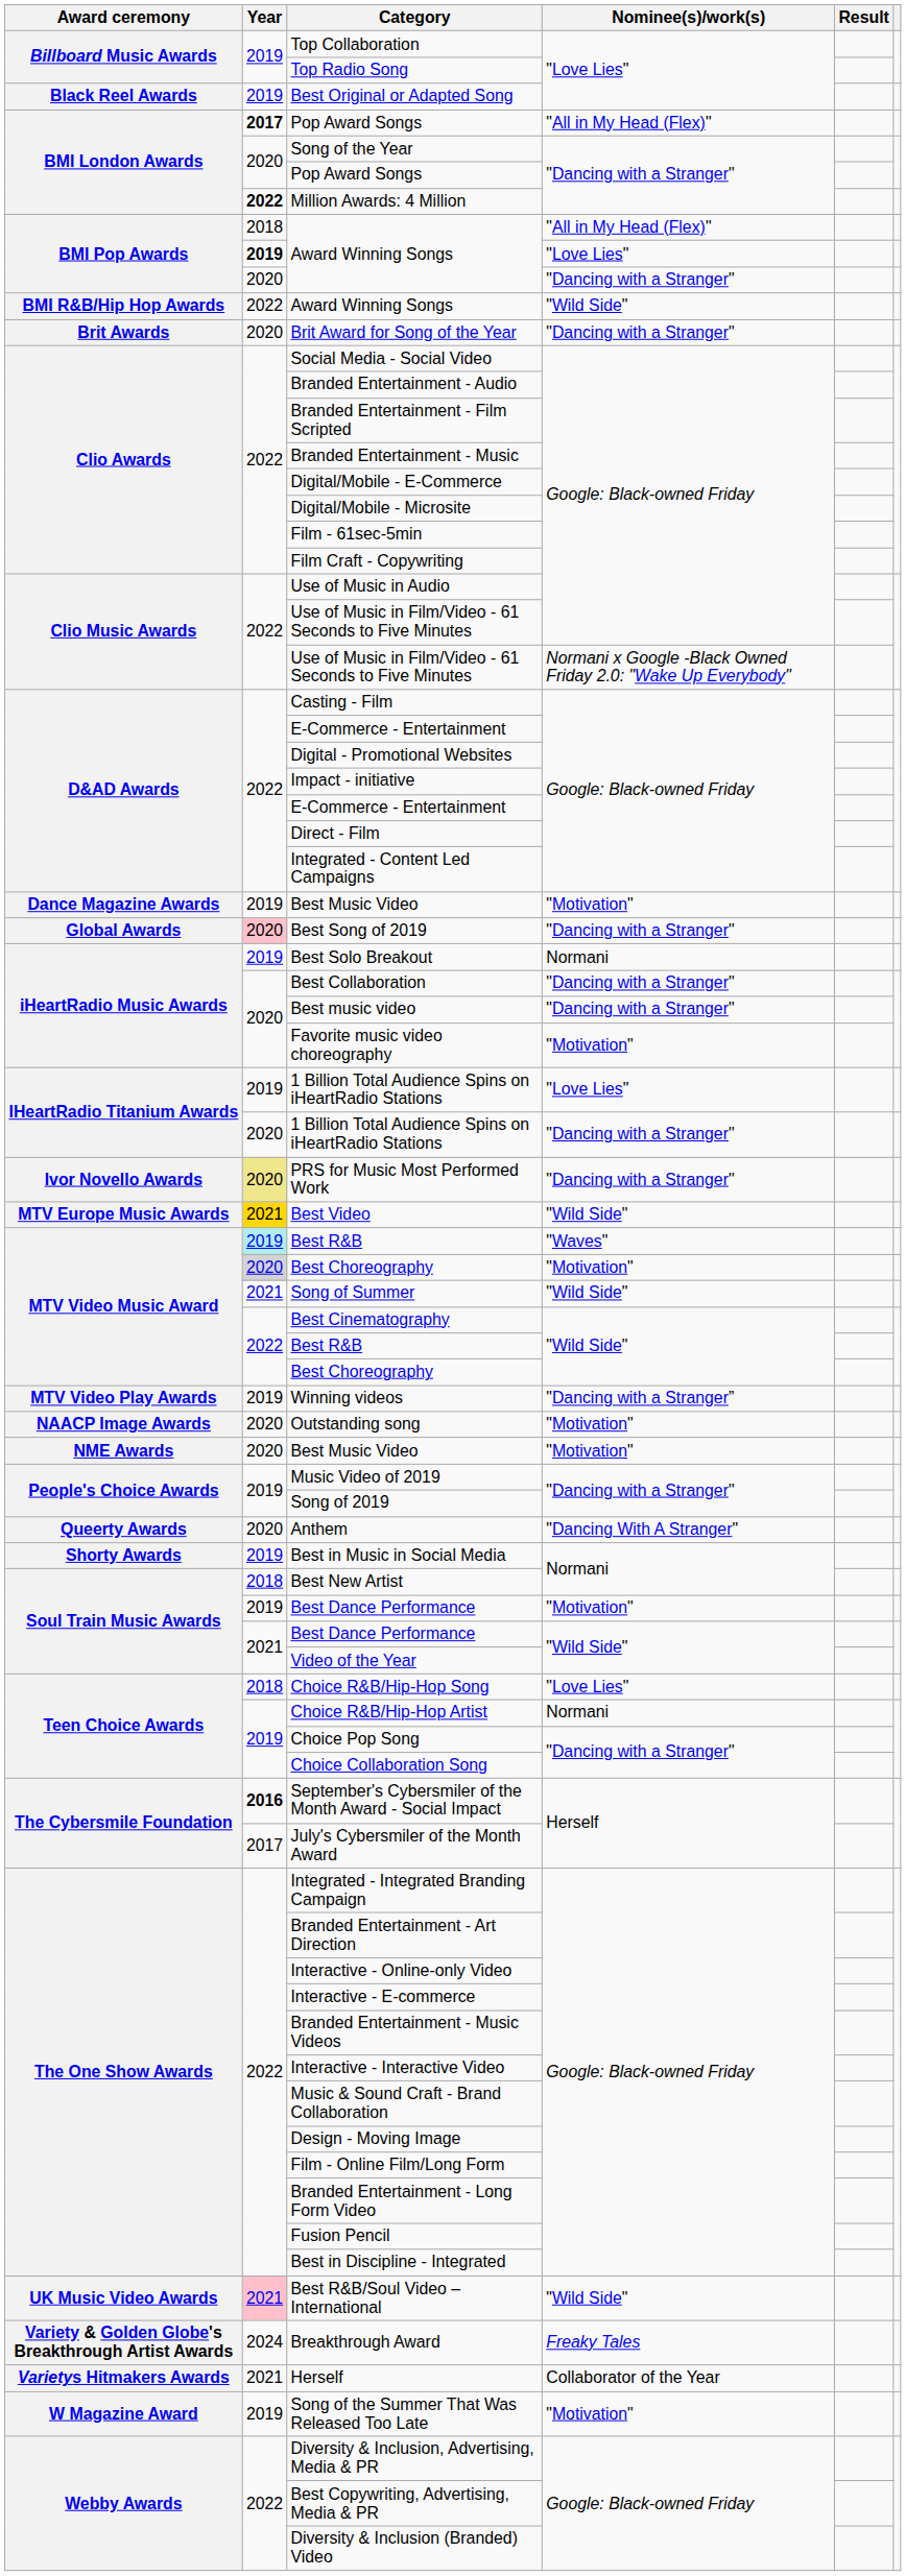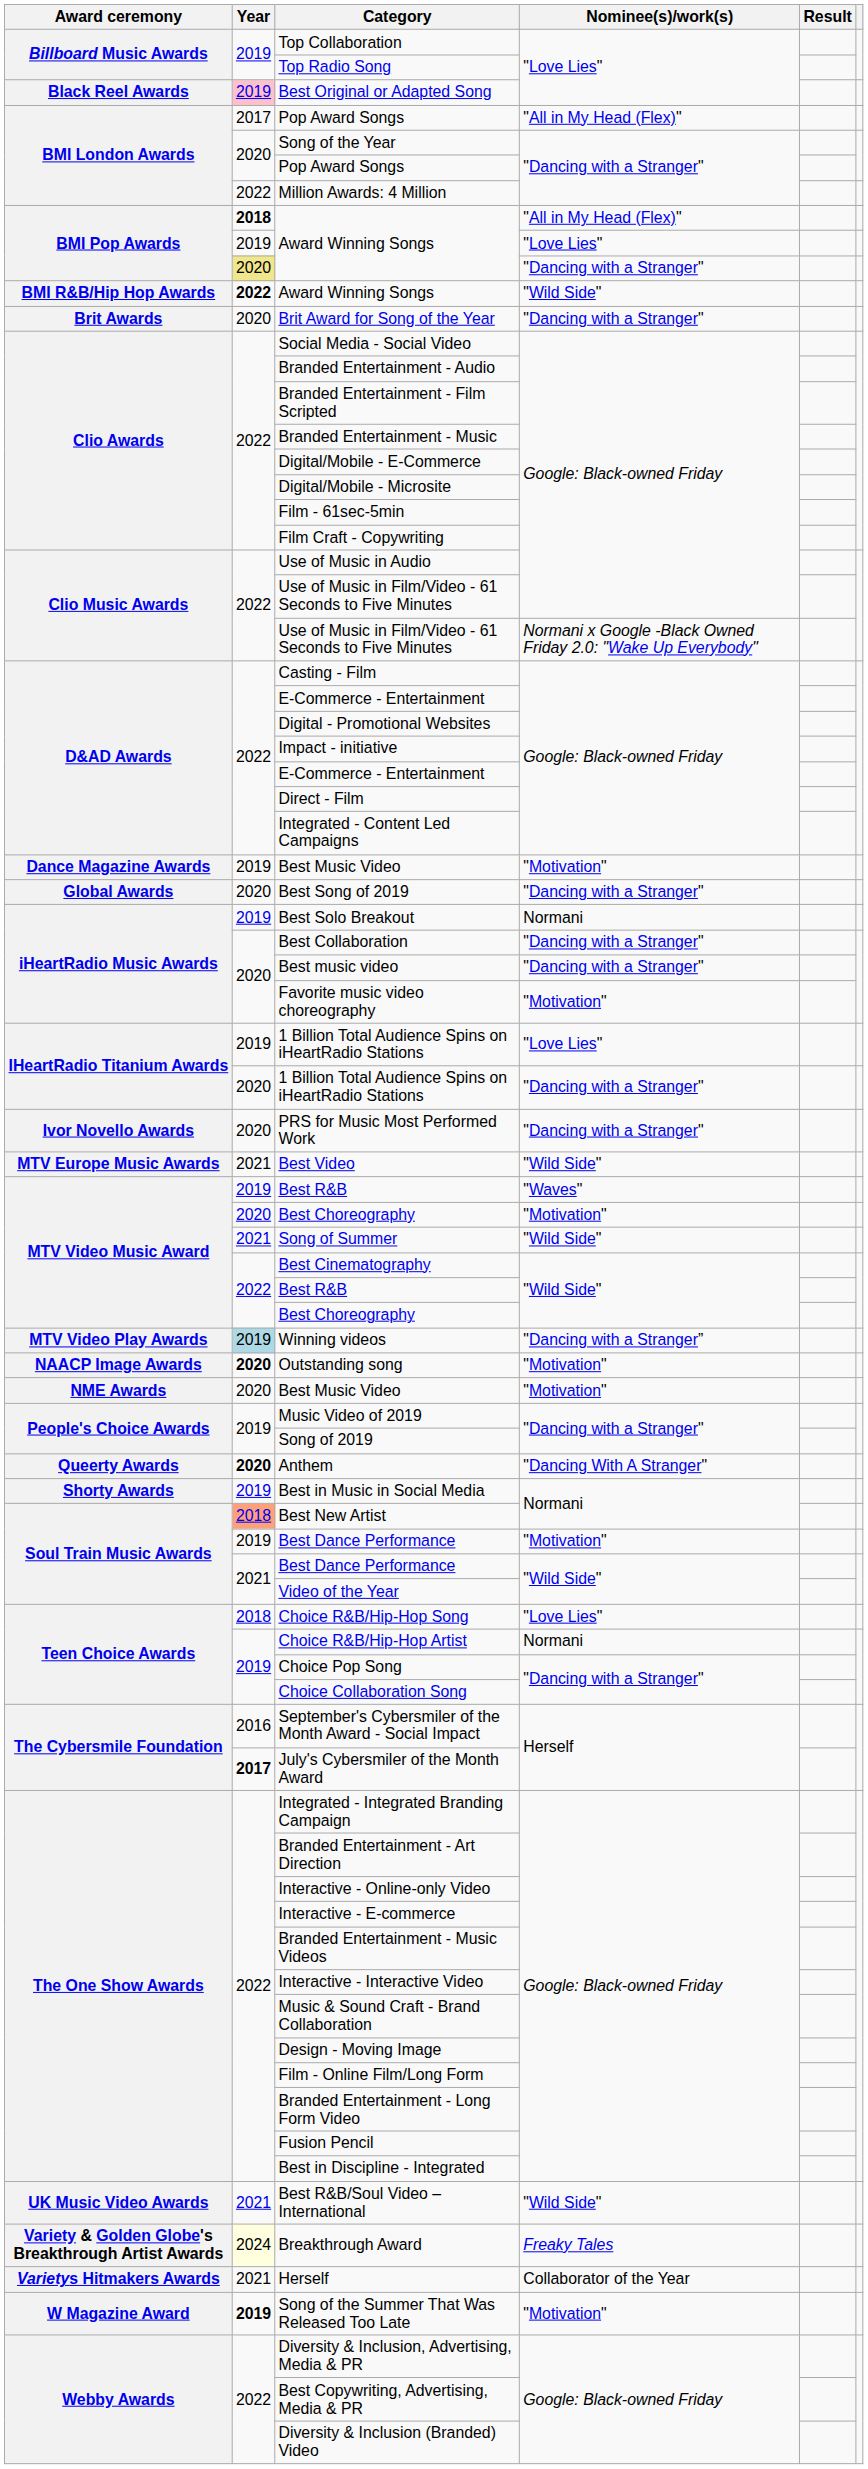 <table class="wikitable sortable plainrowheaders">
 <tr style="background:#ccc; text-align:center;">
 <th scope="col">Award ceremony</th>
 <th scope="col">Year</th>
 <th scope="col">Category</th>
 <th scope="col">Nominee(s)/work(s)</th>
 <th scope="col">Result</th>
 <th scope="col" class="unsortable"></th>
 </tr>
 <tr>
 <th scope="row" rowspan="2"><a href='#'><em>Billboard</em> Music Awards</a></th>
 <td rowspan="2"><a href='#'>2019</a></td>
 <td>Top Collaboration</td>
 <td rowspan="3">"<a href='#'>Love Lies</a>"</td>
 <td></td>
 <td style="text-align:center;" rowspan="2"></td>
 </tr>
 <tr>
 <td><a href='#'>Top Radio Song</a></td>
 <td></td>
 </tr>
 <tr>
 <th scope="row"><a href='#'>Black Reel Awards</a></th>
-<td><a href='#'>2019</a></td>
+<td style="background: pink;"><a href='#'>2019</a></td>
 <td><a href='#'>Best Original or Adapted Song</a></td>
 <td></td>
 <td style="text-align:center;"></td>
 </tr>
 <tr>
 <th scope="row" rowspan="4"><a href='#'>BMI London Awards</a></th>
-<td><strong>2017</strong></td>
+<td>2017</td>
 <td>Pop Award Songs</td>
 <td>"<a href='#'>All in My Head (Flex)</a>"</td>
 <td></td>
 <td></td>
 </tr>
 <tr>
 <td rowspan=2>2020</td>
 <td>Song of the Year</td>
 <td rowspan=3>"<a href='#'>Dancing with a Stranger</a>"</td>
 <td></td>
 <td style="text-align:center; "rowspan="2"></td>
 </tr>
 <tr>
 <td>Pop Award Songs</td>
 <td></td>
 </tr>
 <tr>
-<td><strong>2022</strong></td>
+<td>2022</td>
 <td>Million Awards: 4 Million</td>
 <td></td>
 <td style="text-align:center;"></td>
 </tr>
 <tr>
 <th scope="row" rowspan="3"><a href='#'>BMI Pop Awards</a></th>
-<td>2018</td>
+<td><strong>2018</strong></td>
 <td rowspan="3">Award Winning Songs</td>
 <td>"<a href='#'>All in My Head (Flex)</a>"</td>
 <td></td>
 <td style="text-align:center;"></td>
 </tr>
 <tr>
-<td><strong>2019</strong></td>
+<td>2019</td>
 <td>"<a href='#'>Love Lies</a>"</td>
 <td></td>
 <td style="text-align:center;"></td>
 </tr>
 <tr>
-<td>2020</td>
+<td style="background: khaki;">2020</td>
 <td>"<a href='#'>Dancing with a Stranger</a>"</td>
 <td></td>
 <td style="text-align:center;"></td>
 </tr>
 <tr>
 <th scope="row"><a href='#'>BMI R&B/Hip Hop Awards</a></th>
-<td>2022</td>
+<td><strong>2022</strong></td>
 <td>Award Winning Songs</td>
 <td>"<a href='#'>Wild Side</a>"</td>
 <td></td>
 <td style="text-align:center;"></td>
 </tr>
 <tr>
 <th scope="row"><a href='#'>Brit Awards</a></th>
 <td>2020</td>
 <td><a href='#'>Brit Award for Song of the Year</a></td>
 <td>"<a href='#'>Dancing with a Stranger</a>"</td>
 <td></td>
 <td style="text-align:center;"></td>
 </tr>
 <tr>
 <th scope="row" rowspan="8"><a href='#'>Clio Awards</a></th>
 <td rowspan="8">2022</td>
 <td>Social Media - Social Video </td>
 <td rowspan="10"><em>Google: Black-owned Friday</em></td>
 <td></td>
 <td rowspan="8" style="text-align:center;"></td>
 </tr>
 <tr>
 <td>Branded Entertainment - Audio</td>
 <td></td>
 </tr>
 <tr>
 <td>Branded Entertainment - Film Scripted</td>
 <td></td>
 </tr>
 <tr>
 <td>Branded Entertainment - Music</td>
 <td></td>
 </tr>
 <tr>
 <td>Digital/Mobile - E-Commerce</td>
 <td></td>
 </tr>
 <tr>
 <td>Digital/Mobile - Microsite</td>
 <td></td>
 </tr>
 <tr>
 <td>Film - 61sec-5min</td>
 <td></td>
 </tr>
 <tr>
 <td>Film Craft - Copywriting</td>
 <td></td>
 </tr>
 <tr>
 <th scope="row" rowspan="3"><a href='#'>Clio Music Awards</a></th>
 <td rowspan="3">2022</td>
 <td>Use of Music in Audio</td>
 <td></td>
 <td style="text-align:center;" rowspan="3"></td>
 </tr>
 <tr>
 <td>Use of Music in Film/Video - 61 Seconds to Five Minutes</td>
 <td></td>
 </tr>
 <tr>
 <td>Use of Music in Film/Video - 61 Seconds to Five Minutes</td>
 <td><em>Normani x Google -Black Owned Friday 2.0: "<a href='#'>Wake Up Everybody</a>"</em></td>
 <td></td>
 </tr>
 <tr>
 <th scope="row" rowspan="7"><a href='#'>D&AD Awards</a></th>
 <td rowspan="7">2022</td>
 <td>Casting - Film</td>
 <td rowspan="7"><em>Google: Black-owned Friday</em></td>
 <td></td>
 <td rowspan="7" style="text-align:center;"></td>
 </tr>
 <tr>
 <td>E-Commerce - Entertainment</td>
 <td></td>
 </tr>
 <tr>
 <td>Digital - Promotional Websites</td>
 <td></td>
 </tr>
 <tr>
 <td>Impact - initiative</td>
 <td></td>
 </tr>
 <tr>
 <td>E-Commerce - Entertainment</td>
 <td></td>
 </tr>
 <tr>
 <td>Direct - Film</td>
 <td></td>
 </tr>
 <tr>
 <td>Integrated - Content Led Campaigns</td>
 <td></td>
 </tr>
 <tr>
 <th scope="row"><a href='#'>Dance Magazine Awards</a></th>
 <td>2019</td>
 <td>Best Music Video</td>
 <td>"<a href='#'>Motivation</a>"</td>
 <td></td>
 <td style="text-align:center;"></td>
 </tr>
 <tr>
 <th scope="row"><a href='#'>Global Awards</a></th>
-<td style="background: pink;">2020</td>
+<td>2020</td>
 <td>Best Song of 2019</td>
 <td>"<a href='#'>Dancing with a Stranger</a>"</td>
 <td></td>
 <td style="text-align:center;"></td>
 </tr>
 <tr>
 <th scope="row" rowspan="4"><a href='#'>iHeartRadio Music Awards</a></th>
 <td><a href='#'>2019</a></td>
 <td>Best Solo Breakout</td>
 <td>Normani</td>
 <td></td>
 <td style="text-align:center;"></td>
 </tr>
 <tr>
 <td rowspan="3">2020</td>
 <td>Best Collaboration</td>
 <td>"<a href='#'>Dancing with a Stranger</a>"</td>
 <td></td>
 <td style="text-align:center; "rowspan="3"></td>
 </tr>
 <tr>
 <td>Best music video</td>
 <td>"<a href='#'>Dancing with a Stranger</a>"</td>
 <td></td>
 </tr>
 <tr>
 <td>Favorite music video choreography</td>
 <td>"<a href='#'>Motivation</a>"</td>
 <td></td>
 </tr>
 <tr>
 <th scope="row" rowspan="2"><a href='#'>IHeartRadio Titanium Awards</a></th>
 <td>2019</td>
 <td>1 Billion Total Audience Spins on iHeartRadio Stations</td>
 <td>"<a href='#'>Love Lies</a>"</td>
 <td></td>
 <td style="text-align:center;"></td>
 </tr>
 <tr>
 <td>2020</td>
 <td>1 Billion Total Audience Spins on iHeartRadio Stations</td>
 <td>"<a href='#'>Dancing with a Stranger</a>"</td>
 <td></td>
 <td style="text-align:center;"></td>
 </tr>
 <tr>
 <th scope="row"><a href='#'>Ivor Novello Awards</a></th>
-<td style="background: khaki;">2020</td>
+<td>2020</td>
 <td>PRS for Music Most Performed Work</td>
 <td>"<a href='#'>Dancing with a Stranger</a>"</td>
 <td></td>
 <td style="text-align:center;"></td>
 </tr>
 <tr>
 <th scope="row"><a href='#'>MTV Europe Music Awards</a></th>
-<td style="background: gold;">2021</td>
+<td>2021</td>
 <td><a href='#'>Best Video</a></td>
 <td>"<a href='#'>Wild Side</a>"</td>
 <td></td>
 <td style="text-align:center;"></td>
 </tr>
 <tr>
 <th scope="row" rowspan="6"><a href='#'>MTV Video Music Award</a></th>
-<td style="background: paleturquoise;"><a href='#'>2019</a></td>
+<td><a href='#'>2019</a></td>
 <td><a href='#'>Best R&B</a></td>
 <td>"<a href='#'>Waves</a>"</td>
 <td></td>
 <td style="text-align:center;"></td>
 </tr>
 <tr>
-<td style="background: lightgrey;"><a href='#'>2020</a></td>
+<td><a href='#'>2020</a></td>
 <td><a href='#'>Best Choreography</a></td>
 <td>"<a href='#'>Motivation</a>"</td>
 <td></td>
 <td style="text-align:center;"></td>
 </tr>
 <tr>
 <td><a href='#'>2021</a></td>
 <td><a href='#'>Song of Summer</a></td>
 <td>"<a href='#'>Wild Side</a>"</td>
 <td></td>
 <td style="text-align:center;"></td>
 </tr>
 <tr>
 <td rowspan="3"><a href='#'>2022</a></td>
 <td><a href='#'>Best Cinematography</a></td>
 <td rowspan="3">"<a href='#'>Wild Side</a>"</td>
 <td></td>
 <td rowspan="3" style="text-align:center;"></td>
 </tr>
 <tr>
 <td><a href='#'>Best R&B</a></td>
 <td></td>
 </tr>
 <tr>
 <td><a href='#'>Best Choreography</a></td>
 <td></td>
 </tr>
 <tr>
 <th scope="row"><a href='#'>MTV Video Play Awards</a></th>
-<td>2019</td>
+<td style="background: lightblue;">2019</td>
 <td>Winning videos</td>
 <td>"<a href='#'>Dancing with a Stranger</a>”</td>
 <td></td>
 <td style="text-align:center;"></td>
 </tr>
 <tr>
 <th scope="row"><a href='#'>NAACP Image Awards</a></th>
-<td>2020</td>
+<td><strong>2020</strong></td>
 <td>Outstanding song</td>
 <td>"<a href='#'>Motivation</a>"</td>
 <td></td>
 <td style="text-align:center;"></td>
 </tr>
 <tr>
 <th scope="row"><a href='#'>NME Awards</a></th>
 <td>2020</td>
 <td>Best Music Video</td>
 <td>"<a href='#'>Motivation</a>"</td>
 <td></td>
 <td style="text-align:center;"></td>
 </tr>
 <tr>
 <th scope="row" rowspan="2"><a href='#'>People's Choice Awards</a></th>
 <td rowspan="2">2019</td>
 <td>Music Video of 2019</td>
 <td rowspan="2">"<a href='#'>Dancing with a Stranger</a>"</td>
 <td></td>
 <td style="text-align:center;" rowspan="2"></td>
 </tr>
 <tr>
 <td>Song of 2019</td>
 <td></td>
 </tr>
 <tr>
 <th scope="row"><a href='#'>Queerty Awards</a></th>
-<td>2020</td>
+<td><strong>2020</strong></td>
 <td>Anthem</td>
 <td>"<a href='#'>Dancing With A Stranger</a>"</td>
 <td></td>
 <td style="text-align:center;"></td>
 </tr>
 <tr>
 <th scope="row"><a href='#'>Shorty Awards</a></th>
 <td><a href='#'>2019</a></td>
 <td>Best in Music in Social Media</td>
 <td rowspan="2">Normani</td>
 <td></td>
 <td style="text-align:center;"></td>
 </tr>
 <tr>
 <th scope="row" rowspan=4><a href='#'>Soul Train Music Awards</a></th>
-<td><a href='#'>2018</a></td>
+<td style="background: lightsalmon;"><a href='#'>2018</a></td>
 <td>Best New Artist</td>
 <td></td>
 <td style="text-align:center;"></td>
 </tr>
 <tr>
 <td>2019</td>
 <td><a href='#'>Best Dance Performance</a></td>
 <td>"<a href='#'>Motivation</a>"</td>
 <td></td>
 <td style="text-align:center;"></td>
 </tr>
 <tr>
 <td rowspan="2">2021</td>
 <td><a href='#'>Best Dance Performance</a></td>
 <td rowspan="2">"<a href='#'>Wild Side</a>"</td>
 <td></td>
 <td style="text-align:center;" rowspan="2"></td>
 </tr>
 <tr>
 <td><a href='#'>Video of the Year</a></td>
 <td></td>
 </tr>
 <tr>
 <th scope="row" rowspan="4"><a href='#'>Teen Choice Awards</a></th>
 <td><a href='#'>2018</a></td>
 <td><a href='#'>Choice R&B/Hip-Hop Song</a></td>
 <td>"<a href='#'>Love Lies</a>"</td>
 <td></td>
 <td style="text-align:center;"></td>
 </tr>
 <tr>
 <td rowspan="3"><a href='#'>2019</a></td>
 <td><a href='#'>Choice R&B/Hip-Hop Artist</a></td>
 <td>Normani</td>
 <td></td>
 <td style="text-align:center; "rowspan="3"></td>
 </tr>
 <tr>
 <td>Choice Pop Song</td>
 <td rowspan="2">"<a href='#'>Dancing with a Stranger</a>"</td>
 <td></td>
 </tr>
 <tr>
 <td><a href='#'>Choice Collaboration Song</a></td>
 <td></td>
 </tr>
 <tr>
 <th scope="row" rowspan="2"><a href='#'>The Cybersmile Foundation</a></th>
-<td><strong>2016</strong></td>
+<td>2016</td>
 <td>September's Cybersmiler of the Month Award - Social Impact</td>
 <td rowspan="2">Herself</td>
 <td></td>
 <td style="text-align:center;" rowspan="2"></td>
 </tr>
 <tr>
-<td>2017</td>
+<td><strong>2017</strong></td>
 <td>July's Cybersmiler of the Month Award</td>
 <td></td>
 </tr>
 <tr>
 <th scope="row" rowspan="12"><a href='#'>The One Show Awards</a></th>
 <td rowspan="12">2022</td>
 <td>Integrated - Integrated Branding Campaign</td>
 <td rowspan="12"><em>Google: Black-owned Friday</em></td>
 <td></td>
 <td style="text-align:center;" rowspan="12"></td>
 </tr>
 <tr>
 <td>Branded Entertainment - Art Direction</td>
 <td></td>
 </tr>
 <tr>
 <td>Interactive - Online-only Video</td>
 <td></td>
 </tr>
 <tr>
 <td>Interactive - E-commerce</td>
 <td></td>
 </tr>
 <tr>
 <td>Branded Entertainment - Music Videos</td>
 <td></td>
 </tr>
 <tr>
 <td>Interactive - Interactive Video</td>
 <td></td>
 </tr>
 <tr>
 <td>Music & Sound Craft - Brand Collaboration</td>
 <td></td>
 </tr>
 <tr>
 <td>Design - Moving Image</td>
 <td></td>
 </tr>
 <tr>
 <td>Film - Online Film/Long Form</td>
 <td></td>
 </tr>
 <tr>
 <td>Branded Entertainment - Long Form Video</td>
 <td></td>
 </tr>
 <tr>
 <td>Fusion Pencil</td>
 <td></td>
 </tr>
 <tr>
 <td>Best in Discipline - Integrated</td>
 <td></td>
 </tr>
 <tr>
 <th scope="row"><a href='#'>UK Music Video Awards</a></th>
-<td style="background: pink;"><a href='#'>2021</a></td>
+<td><a href='#'>2021</a></td>
 <td>Best R&B/Soul Video – International</td>
 <td>"<a href='#'>Wild Side</a>"</td>
 <td></td>
 <td style="text-align:center;"></td>
 </tr>
 <tr>
 <th scope="row"><a href='#'>Variety</a> & <a href='#'>Golden Globe</a>'s Breakthrough Artist Awards</th>
-<td>2024</td>
+<td style="background: lightyellow;">2024</td>
 <td>Breakthrough Award</td>
 <td><a href='#'><em>Freaky Tales</em></a></td>
 <td></td>
 <td style="text-align:center;"></td>
 </tr>
 <tr>
 <th scope="row"><a href='#'><em>Variety</em>s Hitmakers Awards</a></th>
 <td>2021</td>
 <td>Herself</td>
 <td>Collaborator of the Year</td>
 <td></td>
 <td style="text-align:center;"></td>
 </tr>
 <tr>
 <th scope="row"><a href='#'>W Magazine Award</a></th>
-<td>2019</td>
+<td><strong>2019</strong></td>
 <td>Song of the Summer That Was Released Too Late</td>
 <td>"<a href='#'>Motivation</a>"</td>
 <td></td>
 <td style="text-align:center;"></td>
 </tr>
 <tr>
 <th scope="row" rowspan="3"><a href='#'>Webby Awards</a></th>
 <td rowspan="3">2022</td>
 <td>Diversity & Inclusion, Advertising, Media & PR</td>
 <td rowspan="3"><em>Google: Black-owned Friday</em></td>
 <td></td>
 <td style="text-align:center; "rowspan="3"></td>
 </tr>
 <tr>
 <td>Best Copywriting, Advertising, Media & PR</td>
 <td></td>
 </tr>
 <tr>
 <td>Diversity & Inclusion (Branded) Video</td>
 <td></td>
 </tr>
 </table>
